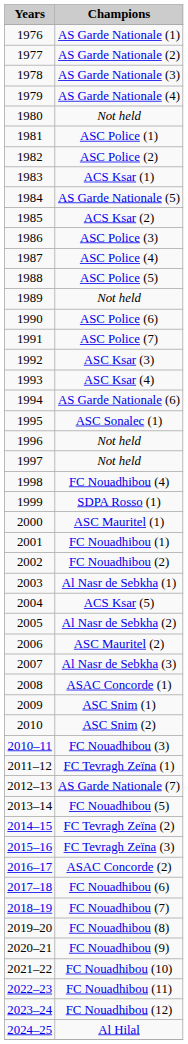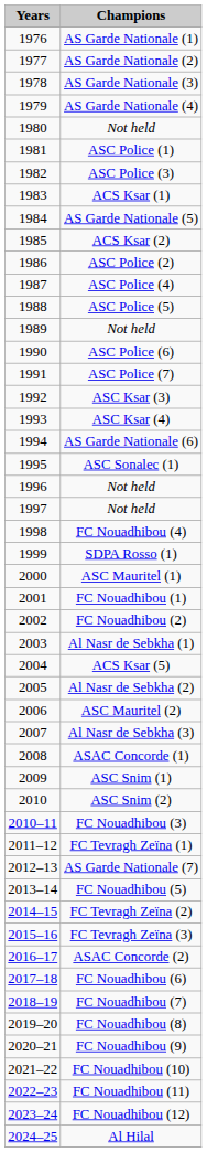 <table class="wikitable" style="text-align: center;">
 <tr bgcolor="#CCCCCC">
 <td><strong>Years</strong></td>
 <td><strong>Champions</strong></td>
 </tr>
 <tr bgcolor="#EFEFEF">
 </tr>
 <tr>
 <td>1976</td>
 <td><a href='#'>AS Garde Nationale</a> (1)</td>
 </tr>
 <tr>
 <td>1977</td>
 <td><a href='#'>AS Garde Nationale</a> (2)</td>
 </tr>
 <tr>
 <td>1978</td>
 <td><a href='#'>AS Garde Nationale</a> (3)</td>
 </tr>
 <tr>
 <td>1979</td>
 <td><a href='#'>AS Garde Nationale</a> (4)</td>
 </tr>
 <tr>
 <td>1980</td>
 <td><em>Not held</em></td>
 </tr>
 <tr>
 <td>1981</td>
 <td><a href='#'>ASC Police</a> (1)</td>
 </tr>
 <tr>
 <td>1982</td>
-<td><a href='#'>ASC Police</a> (2)</td>
+<td><a href='#'>ASC Police</a> (3)</td>
 </tr>
 <tr>
 <td>1983</td>
 <td><a href='#'>ACS Ksar</a> (1)</td>
 </tr>
 <tr>
 <td>1984</td>
 <td><a href='#'>AS Garde Nationale</a> (5)</td>
 </tr>
 <tr>
 <td>1985</td>
 <td><a href='#'>ACS Ksar</a> (2)</td>
 </tr>
 <tr>
 <td>1986</td>
-<td><a href='#'>ASC Police</a> (3)</td>
+<td><a href='#'>ASC Police</a> (2)</td>
 </tr>
 <tr>
 <td>1987</td>
 <td><a href='#'>ASC Police</a> (4)</td>
 </tr>
 <tr>
 <td>1988</td>
 <td><a href='#'>ASC Police</a> (5)</td>
 </tr>
 <tr>
 <td>1989</td>
 <td><em>Not held</em></td>
 </tr>
 <tr>
 <td>1990</td>
 <td><a href='#'>ASC Police</a> (6)</td>
 </tr>
 <tr>
 <td>1991</td>
 <td><a href='#'>ASC Police</a> (7)</td>
 </tr>
 <tr>
 <td>1992</td>
 <td><a href='#'>ASC Ksar</a> (3)</td>
 </tr>
 <tr>
 <td>1993</td>
 <td><a href='#'>ASC Ksar</a> (4)</td>
 </tr>
 <tr>
 <td>1994</td>
 <td><a href='#'>AS Garde Nationale</a> (6)</td>
 </tr>
 <tr>
 <td>1995</td>
 <td><a href='#'>ASC Sonalec</a> (1)</td>
 </tr>
 <tr>
 <td>1996</td>
 <td><em>Not held</em></td>
 </tr>
 <tr>
 <td>1997</td>
 <td><em>Not held</em></td>
 </tr>
 <tr>
 <td>1998</td>
 <td><a href='#'>FC Nouadhibou</a> (4)</td>
 </tr>
 <tr>
 <td>1999</td>
 <td><a href='#'>SDPA Rosso</a> (1)</td>
 </tr>
 <tr>
 <td>2000</td>
 <td><a href='#'>ASC Mauritel</a> (1)</td>
 </tr>
 <tr>
 <td>2001</td>
 <td><a href='#'>FC Nouadhibou</a> (1)</td>
 </tr>
 <tr>
 <td>2002</td>
 <td><a href='#'>FC Nouadhibou</a> (2)</td>
 </tr>
 <tr>
 <td>2003</td>
 <td><a href='#'>Al Nasr de Sebkha</a> (1)</td>
 </tr>
 <tr>
 <td>2004</td>
 <td><a href='#'>ACS Ksar</a> (5)</td>
 </tr>
 <tr>
 <td>2005</td>
 <td><a href='#'>Al Nasr de Sebkha</a> (2)</td>
 </tr>
 <tr>
 <td>2006</td>
 <td><a href='#'>ASC Mauritel</a> (2)</td>
 </tr>
 <tr>
 <td>2007</td>
 <td><a href='#'>Al Nasr de Sebkha</a> (3)</td>
 </tr>
 <tr>
 <td>2008</td>
 <td><a href='#'>ASAC Concorde</a> (1)</td>
 </tr>
 <tr>
 <td>2009</td>
 <td><a href='#'>ASC Snim</a> (1)</td>
 </tr>
 <tr>
 <td>2010</td>
 <td><a href='#'>ASC Snim</a> (2)</td>
 </tr>
 <tr>
 <td><a href='#'>2010–11</a></td>
 <td><a href='#'>FC Nouadhibou</a> (3)</td>
 </tr>
 <tr>
 <td>2011–12</td>
 <td><a href='#'>FC Tevragh Zeïna</a> (1)</td>
 </tr>
 <tr>
 <td>2012–13</td>
 <td><a href='#'>AS Garde Nationale</a> (7)</td>
 </tr>
 <tr>
 <td>2013–14</td>
 <td><a href='#'>FC Nouadhibou</a> (5)</td>
 </tr>
 <tr>
 <td><a href='#'>2014–15</a></td>
 <td><a href='#'>FC Tevragh Zeïna</a> (2)</td>
 </tr>
 <tr>
 <td><a href='#'>2015–16</a></td>
 <td><a href='#'>FC Tevragh Zeïna</a> (3)</td>
 </tr>
 <tr>
 <td><a href='#'>2016–17</a></td>
 <td><a href='#'>ASAC Concorde</a> (2)</td>
 </tr>
 <tr>
 <td><a href='#'>2017–18</a></td>
 <td><a href='#'>FC Nouadhibou</a> (6)</td>
 </tr>
 <tr>
 <td><a href='#'>2018–19</a></td>
 <td><a href='#'>FC Nouadhibou</a> (7)</td>
 </tr>
 <tr>
 <td>2019–20</td>
 <td><a href='#'>FC Nouadhibou</a> (8)</td>
 </tr>
 <tr>
 <td>2020–21</td>
 <td><a href='#'>FC Nouadhibou</a> (9)</td>
 </tr>
 <tr>
 <td>2021–22</td>
 <td><a href='#'>FC Nouadhibou</a> (10)</td>
 </tr>
 <tr>
 <td><a href='#'>2022–23</a></td>
 <td><a href='#'>FC Nouadhibou</a> (11)</td>
 </tr>
 <tr>
 <td><a href='#'>2023–24</a></td>
 <td><a href='#'>FC Nouadhibou</a> (12)</td>
 </tr>
 <tr>
 <td><a href='#'>2024–25</a></td>
 <td><a href='#'>Al Hilal</a></td>
 </tr>
 <tr>
 </tr>
 </table>
